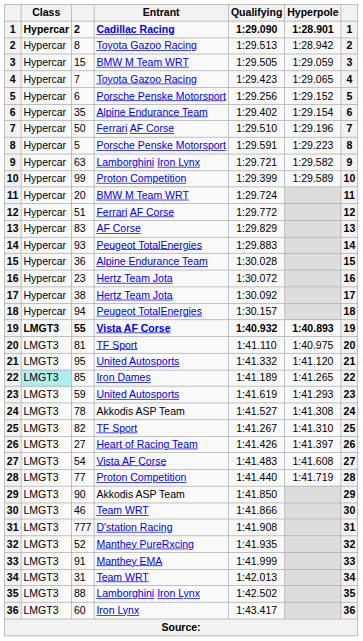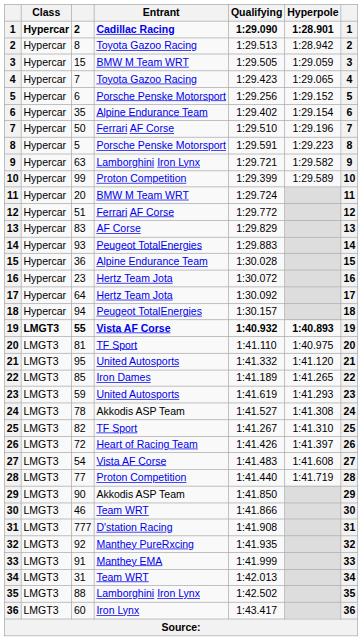 <table class="wikitable sortable" style="font-size:90%;">
 <tr>
 <th></th>
 <th>Class</th>
 <th></th>
 <th>Entrant</th>
 <th>Qualifying</th>
 <th>Hyperpole</th>
 <th></th>
 </tr>
 <tr style="font-weight:bold">
 <th>1</th>
 <td>Hypercar</td>
 <td>2</td>
 <td> <a href='#'>Cadillac Racing</a></td>
 <td style="text-align:center;">1:29.090</td>
 <td style="text-align:center;">1:28.901</td>
 <th>1</th>
 </tr>
 <tr>
 <th>2</th>
 <td>Hypercar</td>
 <td>8</td>
 <td> <a href='#'>Toyota Gazoo Racing</a></td>
 <td style="text-align:center;">1:29.513</td>
 <td style="text-align:center;">1:28.942</td>
 <th>2</th>
 </tr>
 <tr>
 <th>3</th>
 <td>Hypercar</td>
 <td>15</td>
 <td> <a href='#'>BMW M Team WRT</a></td>
 <td style="text-align:center;">1:29.505</td>
 <td style="text-align:center;">1:29.059</td>
 <th>3</th>
 </tr>
 <tr>
 <th>4</th>
 <td>Hypercar</td>
 <td>7</td>
 <td> <a href='#'>Toyota Gazoo Racing</a></td>
 <td style="text-align:center;">1:29.423</td>
 <td style="text-align:center;">1:29.065</td>
 <th>4</th>
 </tr>
 <tr>
 <th>5</th>
 <td>Hypercar</td>
 <td>6</td>
 <td> <a href='#'>Porsche Penske Motorsport</a></td>
 <td style="text-align:center;">1:29.256</td>
 <td style="text-align:center;">1:29.152</td>
 <th>5</th>
 </tr>
 <tr>
 <th>6</th>
 <td>Hypercar</td>
 <td>35</td>
 <td> <a href='#'>Alpine Endurance Team</a></td>
 <td style="text-align:center;">1:29.402</td>
 <td style="text-align:center;">1:29.154</td>
 <th>6</th>
 </tr>
 <tr>
 <th>7</th>
 <td>Hypercar</td>
 <td>50</td>
 <td> <a href='#'>Ferrari</a> <a href='#'>AF Corse</a></td>
 <td style="text-align:center;">1:29.510</td>
 <td style="text-align:center;">1:29.196</td>
 <th>7</th>
 </tr>
 <tr>
 <th>8</th>
 <td>Hypercar</td>
 <td>5</td>
 <td> <a href='#'>Porsche Penske Motorsport</a></td>
 <td style="text-align:center;">1:29.591</td>
 <td style="text-align:center;">1:29.223</td>
 <th>8</th>
 </tr>
 <tr>
 <th>9</th>
 <td>Hypercar</td>
 <td>63</td>
 <td> <a href='#'>Lamborghini</a> <a href='#'>Iron Lynx</a></td>
 <td style="text-align:center;">1:29.721</td>
 <td style="text-align:center;">1:29.582</td>
 <th>9</th>
 </tr>
 <tr>
 <th>10</th>
 <td>Hypercar</td>
 <td>99</td>
 <td> <a href='#'>Proton Competition</a></td>
 <td style="text-align:center;">1:29.399</td>
 <td style="text-align:center;">1:29.589</td>
 <th>10</th>
 </tr>
 <tr>
 <th>11</th>
 <td>Hypercar</td>
 <td>20</td>
 <td> <a href='#'>BMW M Team WRT</a></td>
 <td style="text-align:center;">1:29.724</td>
 <td style="text-align:center; background:#ddd;"></td>
 <th>11</th>
 </tr>
 <tr>
 <th>12</th>
 <td>Hypercar</td>
 <td>51</td>
 <td> <a href='#'>Ferrari</a> <a href='#'>AF Corse</a></td>
 <td style="text-align:center;">1:29.772</td>
 <td style="text-align:center; background:#ddd;"></td>
 <th>12</th>
 </tr>
 <tr>
 <th>13</th>
 <td>Hypercar</td>
 <td>83</td>
 <td> <a href='#'>AF Corse</a></td>
 <td style="text-align:center;">1:29.829</td>
 <td style="text-align:center; background:#ddd;"></td>
 <th>13</th>
 </tr>
 <tr>
 <th>14</th>
 <td>Hypercar</td>
 <td>93</td>
 <td> <a href='#'>Peugeot TotalEnergies</a></td>
 <td style="text-align:center;">1:29.883</td>
 <td style="text-align:center; background:#ddd;"></td>
 <th>14</th>
 </tr>
 <tr>
 <th>15</th>
 <td>Hypercar</td>
 <td>36</td>
 <td> <a href='#'>Alpine Endurance Team</a></td>
 <td style="text-align:center;">1:30.028</td>
 <td style="text-align:center; background:#ddd;"></td>
 <th>15</th>
 </tr>
 <tr>
 <th>16</th>
 <td>Hypercar</td>
 <td>23</td>
 <td> <a href='#'>Hertz Team Jota</a></td>
 <td style="text-align:center;">1:30.072</td>
 <td style="text-align:center; background:#ddd;"></td>
 <th>16</th>
 </tr>
 <tr>
 <th>17</th>
 <td>Hypercar</td>
-<td>38</td>
+<td>64</td>
 <td> <a href='#'>Hertz Team Jota</a></td>
 <td style="text-align:center;">1:30.092</td>
 <td style="text-align:center; background:#ddd;"></td>
 <th>17</th>
 </tr>
 <tr>
 <th>18</th>
 <td>Hypercar</td>
 <td>94</td>
 <td> <a href='#'>Peugeot TotalEnergies</a></td>
 <td style="text-align:center;">1:30.157</td>
 <td style="text-align:center; background:#ddd;"></td>
 <th>18</th>
 </tr>
 <tr style="font-weight:bold">
 <th>19</th>
 <td>LMGT3</td>
 <td>55</td>
 <td> <a href='#'>Vista AF Corse</a></td>
 <td style="text-align:center;">1:40.932</td>
 <td style="text-align:center;">1:40.893</td>
 <th>19</th>
 </tr>
 <tr>
 <th>20</th>
 <td>LMGT3</td>
 <td>81</td>
 <td> <a href='#'>TF Sport</a></td>
 <td style="text-align:center;">1:41.110</td>
 <td style="text-align:center;">1:40.975</td>
 <th>20</th>
 </tr>
 <tr>
 <th>21</th>
 <td>LMGT3</td>
 <td>95</td>
 <td> <a href='#'>United Autosports</a></td>
 <td style="text-align:center;">1:41.332</td>
 <td style="text-align:center;">1:41.120</td>
 <th>21</th>
 </tr>
 <tr>
 <th>22</th>
-<td style="background: paleturquoise;">LMGT3</td>
+<td>LMGT3</td>
 <td>85</td>
 <td> <a href='#'>Iron Dames</a></td>
 <td style="text-align:center;">1:41.189</td>
 <td style="text-align:center;">1:41.265</td>
 <th>22</th>
 </tr>
 <tr>
 <th>23</th>
 <td>LMGT3</td>
 <td>59</td>
 <td> <a href='#'>United Autosports</a></td>
 <td style="text-align:center;">1:41.619</td>
 <td style="text-align:center;">1:41.293</td>
 <th>23</th>
 </tr>
 <tr>
 <th>24</th>
 <td>LMGT3</td>
 <td>78</td>
 <td> Akkodis ASP Team</td>
 <td style="text-align:center;">1:41.527</td>
 <td style="text-align:center;">1:41.308</td>
 <th>24</th>
 </tr>
 <tr>
 <th>25</th>
 <td>LMGT3</td>
 <td>82</td>
 <td> <a href='#'>TF Sport</a></td>
 <td style="text-align:center;">1:41.267</td>
 <td style="text-align:center;">1:41.310</td>
 <th>25</th>
 </tr>
 <tr>
 <th>26</th>
 <td>LMGT3</td>
-<td>27</td>
+<td>72</td>
 <td> <a href='#'>Heart of Racing Team</a></td>
 <td style="text-align:center;">1:41.426</td>
 <td style="text-align:center;">1:41.397</td>
 <th>26</th>
 </tr>
 <tr>
 <th>27</th>
 <td>LMGT3</td>
 <td>54</td>
 <td> <a href='#'>Vista AF Corse</a></td>
 <td style="text-align:center;">1:41.483</td>
 <td style="text-align:center;">1:41.608</td>
 <th>27</th>
 </tr>
 <tr>
 <th>28</th>
 <td>LMGT3</td>
 <td>77</td>
 <td> <a href='#'>Proton Competition</a></td>
 <td style="text-align:center;">1:41.440</td>
 <td style="text-align:center;">1:41.719</td>
 <th>28</th>
 </tr>
 <tr>
 <th>29</th>
 <td>LMGT3</td>
 <td>90</td>
 <td> Akkodis ASP Team</td>
 <td style="text-align:center;">1:41.850</td>
 <td style="text-align:center; background:#ddd;"></td>
 <th>29</th>
 </tr>
 <tr>
 <th>30</th>
 <td>LMGT3</td>
 <td>46</td>
 <td> <a href='#'>Team WRT</a></td>
 <td style="text-align:center;">1:41.866</td>
 <td style="text-align:center; background:#ddd;"></td>
 <th>30</th>
 </tr>
 <tr>
 <th>31</th>
 <td>LMGT3</td>
 <td>777</td>
 <td> <a href='#'>D'station Racing</a></td>
 <td style="text-align:center;">1:41.908</td>
 <td style="text-align:center; background:#ddd;"></td>
 <th>31</th>
 </tr>
 <tr>
 <th>32</th>
 <td>LMGT3</td>
-<td>52</td>
+<td>92</td>
 <td> <a href='#'>Manthey PureRxcing</a></td>
 <td style="text-align:center;">1:41.935</td>
 <td style="text-align:center; background:#ddd;"></td>
 <th>32</th>
 </tr>
 <tr>
 <th>33</th>
 <td>LMGT3</td>
 <td>91</td>
 <td> <a href='#'>Manthey EMA</a></td>
 <td style="text-align:center;">1:41.999</td>
 <td style="text-align:center; background:#ddd;"></td>
 <th>33</th>
 </tr>
 <tr>
 <th>34</th>
 <td>LMGT3</td>
 <td>31</td>
 <td> <a href='#'>Team WRT</a></td>
 <td style="text-align:center;">1:42.013</td>
 <td style="text-align:center; background:#ddd;"></td>
 <th>34</th>
 </tr>
 <tr>
 <th>35</th>
 <td>LMGT3</td>
 <td>88</td>
 <td> <a href='#'>Lamborghini</a> <a href='#'>Iron Lynx</a></td>
 <td style="text-align:center;">1:42.502</td>
 <td style="text-align:center; background:#ddd;"></td>
 <th>35</th>
 </tr>
 <tr>
 <th>36</th>
 <td>LMGT3</td>
 <td>60</td>
 <td> <a href='#'>Iron Lynx</a></td>
 <td style="text-align:center;">1:43.417</td>
 <td style="text-align:center; background:#ddd;"></td>
 <th>36</th>
 </tr>
 <tr>
 <th colspan="7">Source:</th>
 </tr>
 </table>
